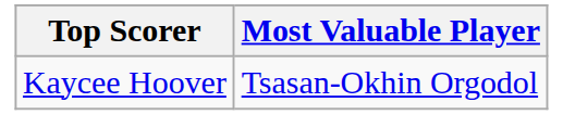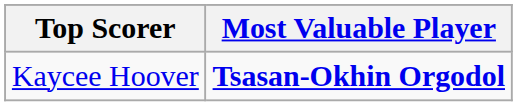 <table class="wikitable" style="margin: 0 auto;">
 <tr>
 <th>Top Scorer</th>
 <th><a href='#'>Most Valuable Player</a></th>
 </tr>
 <tr>
 <td> <a href='#'>Kaycee Hoover</a></td>
-<td> <a href='#'>Tsasan-Okhin Orgodol</a></td>
+<td><strong> <a href='#'>Tsasan-Okhin Orgodol</a></strong></td>
 </tr>
 </table>
